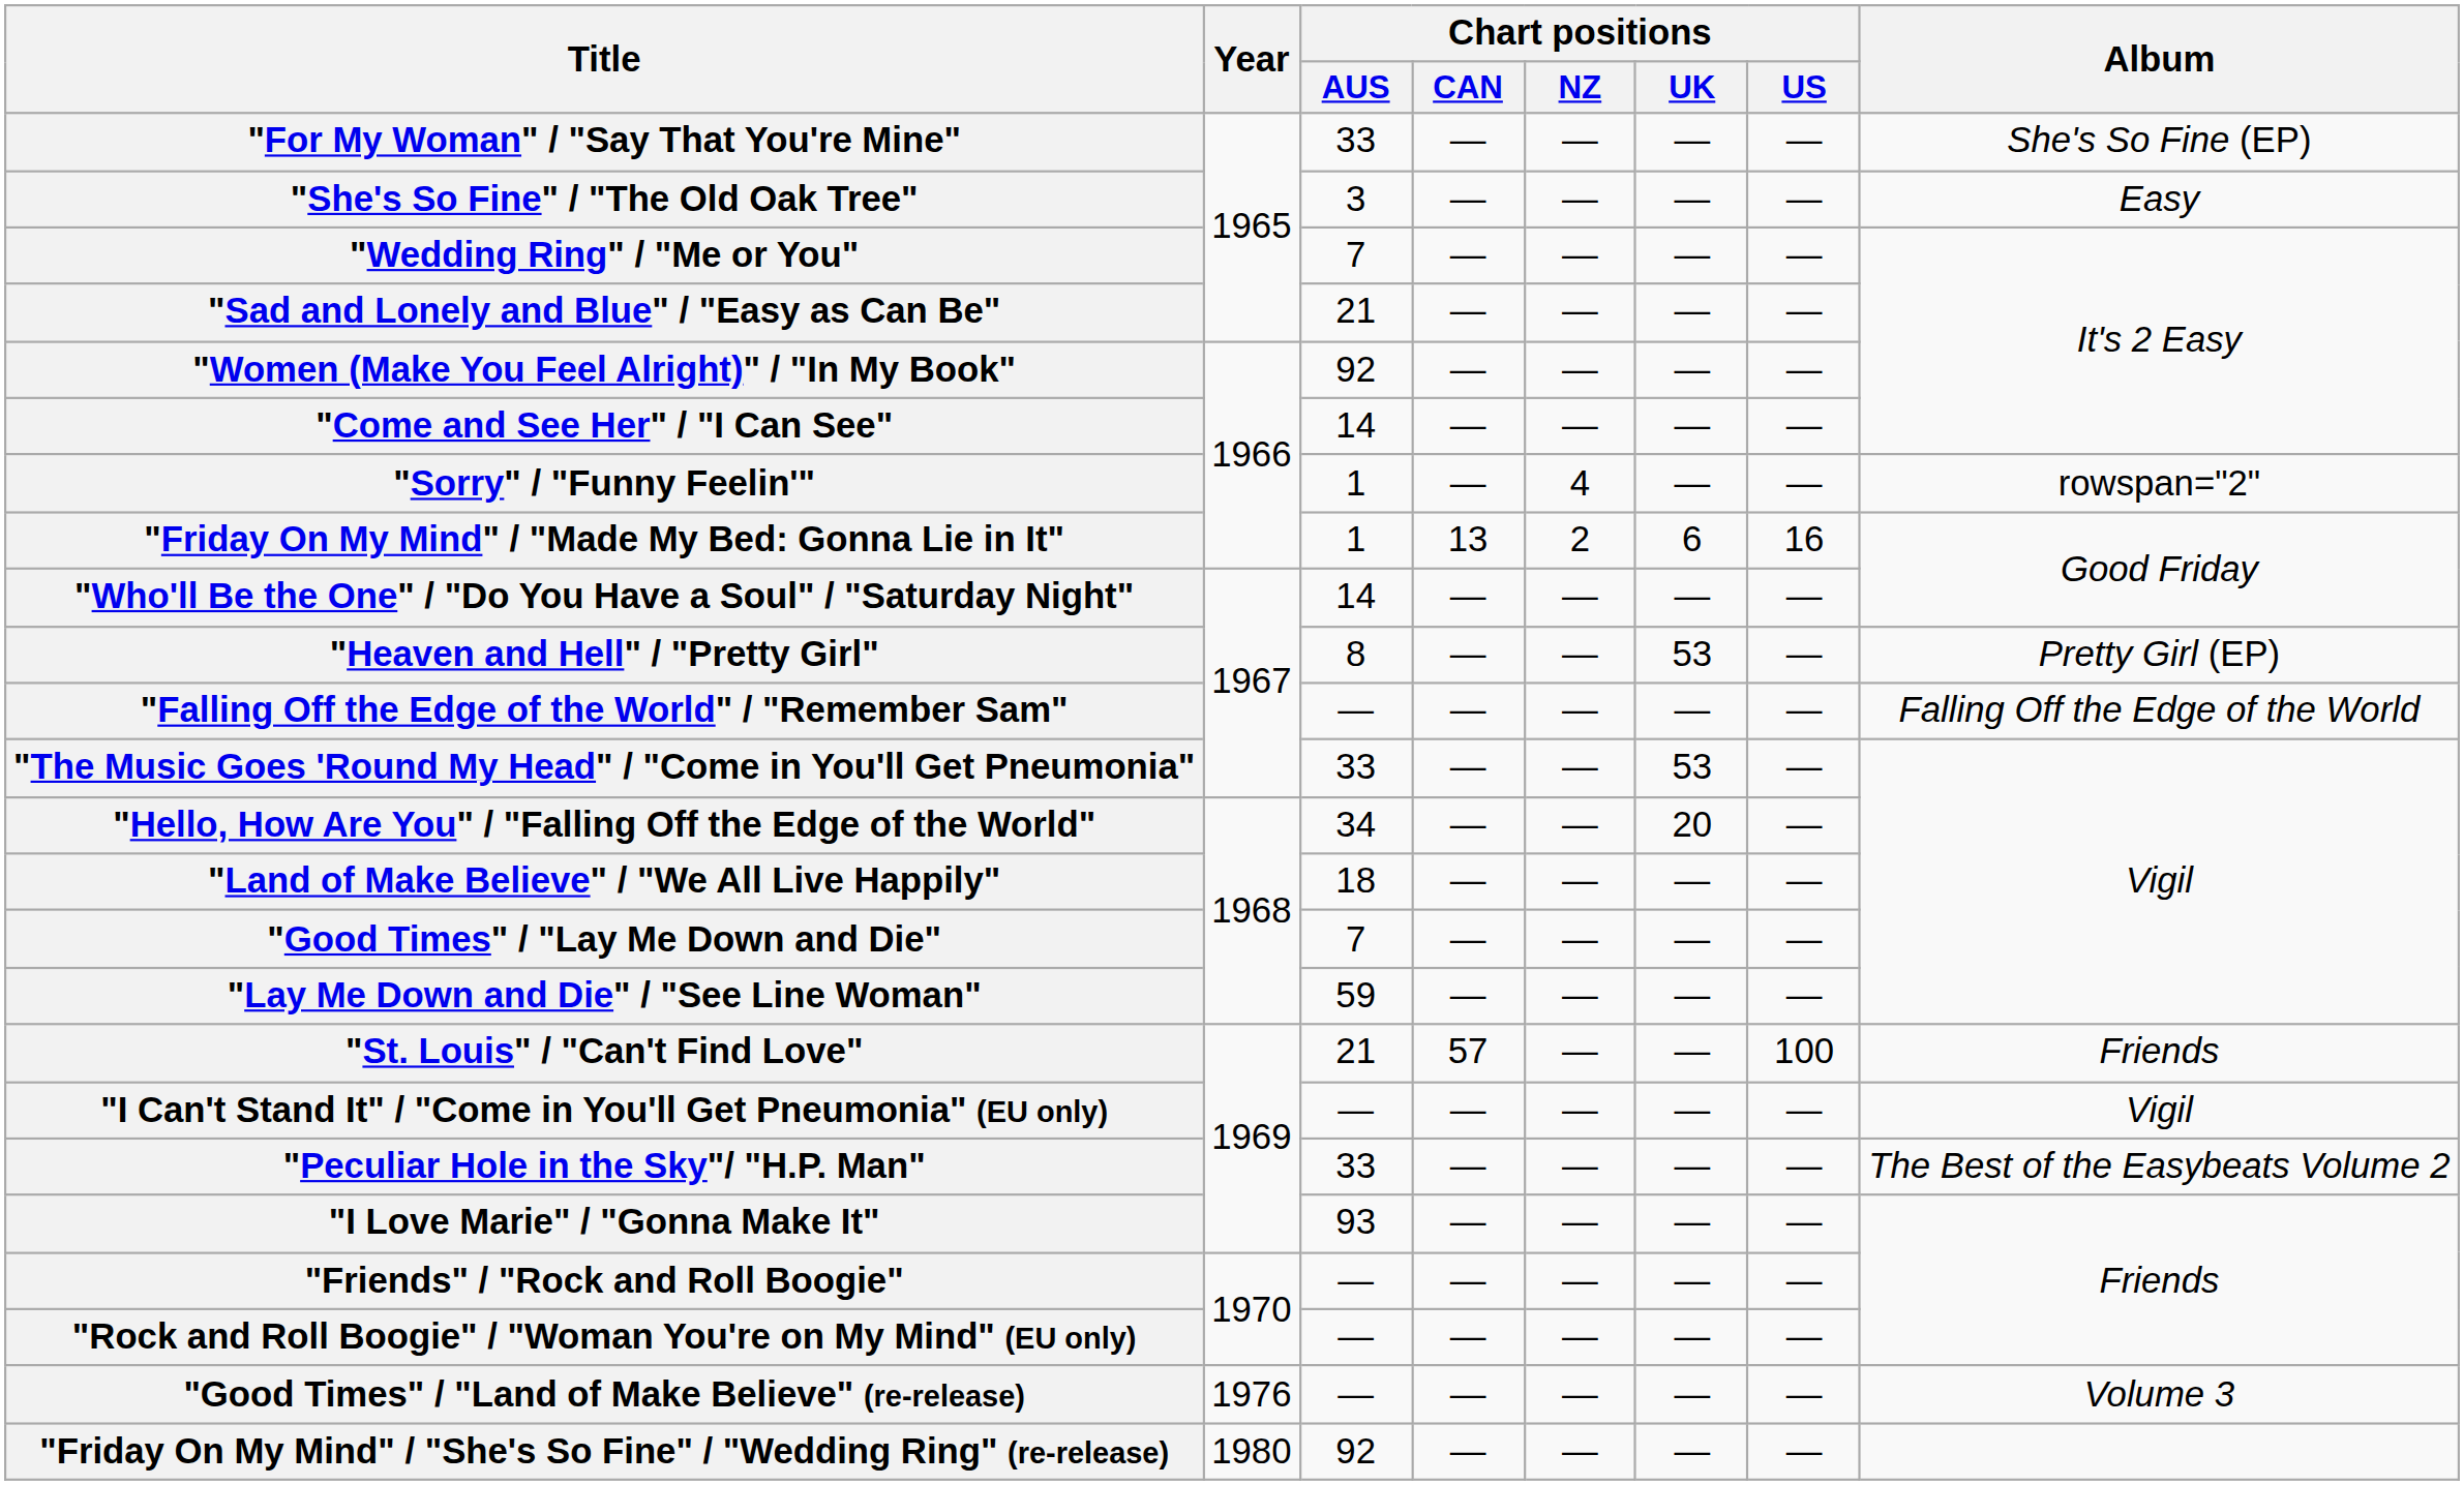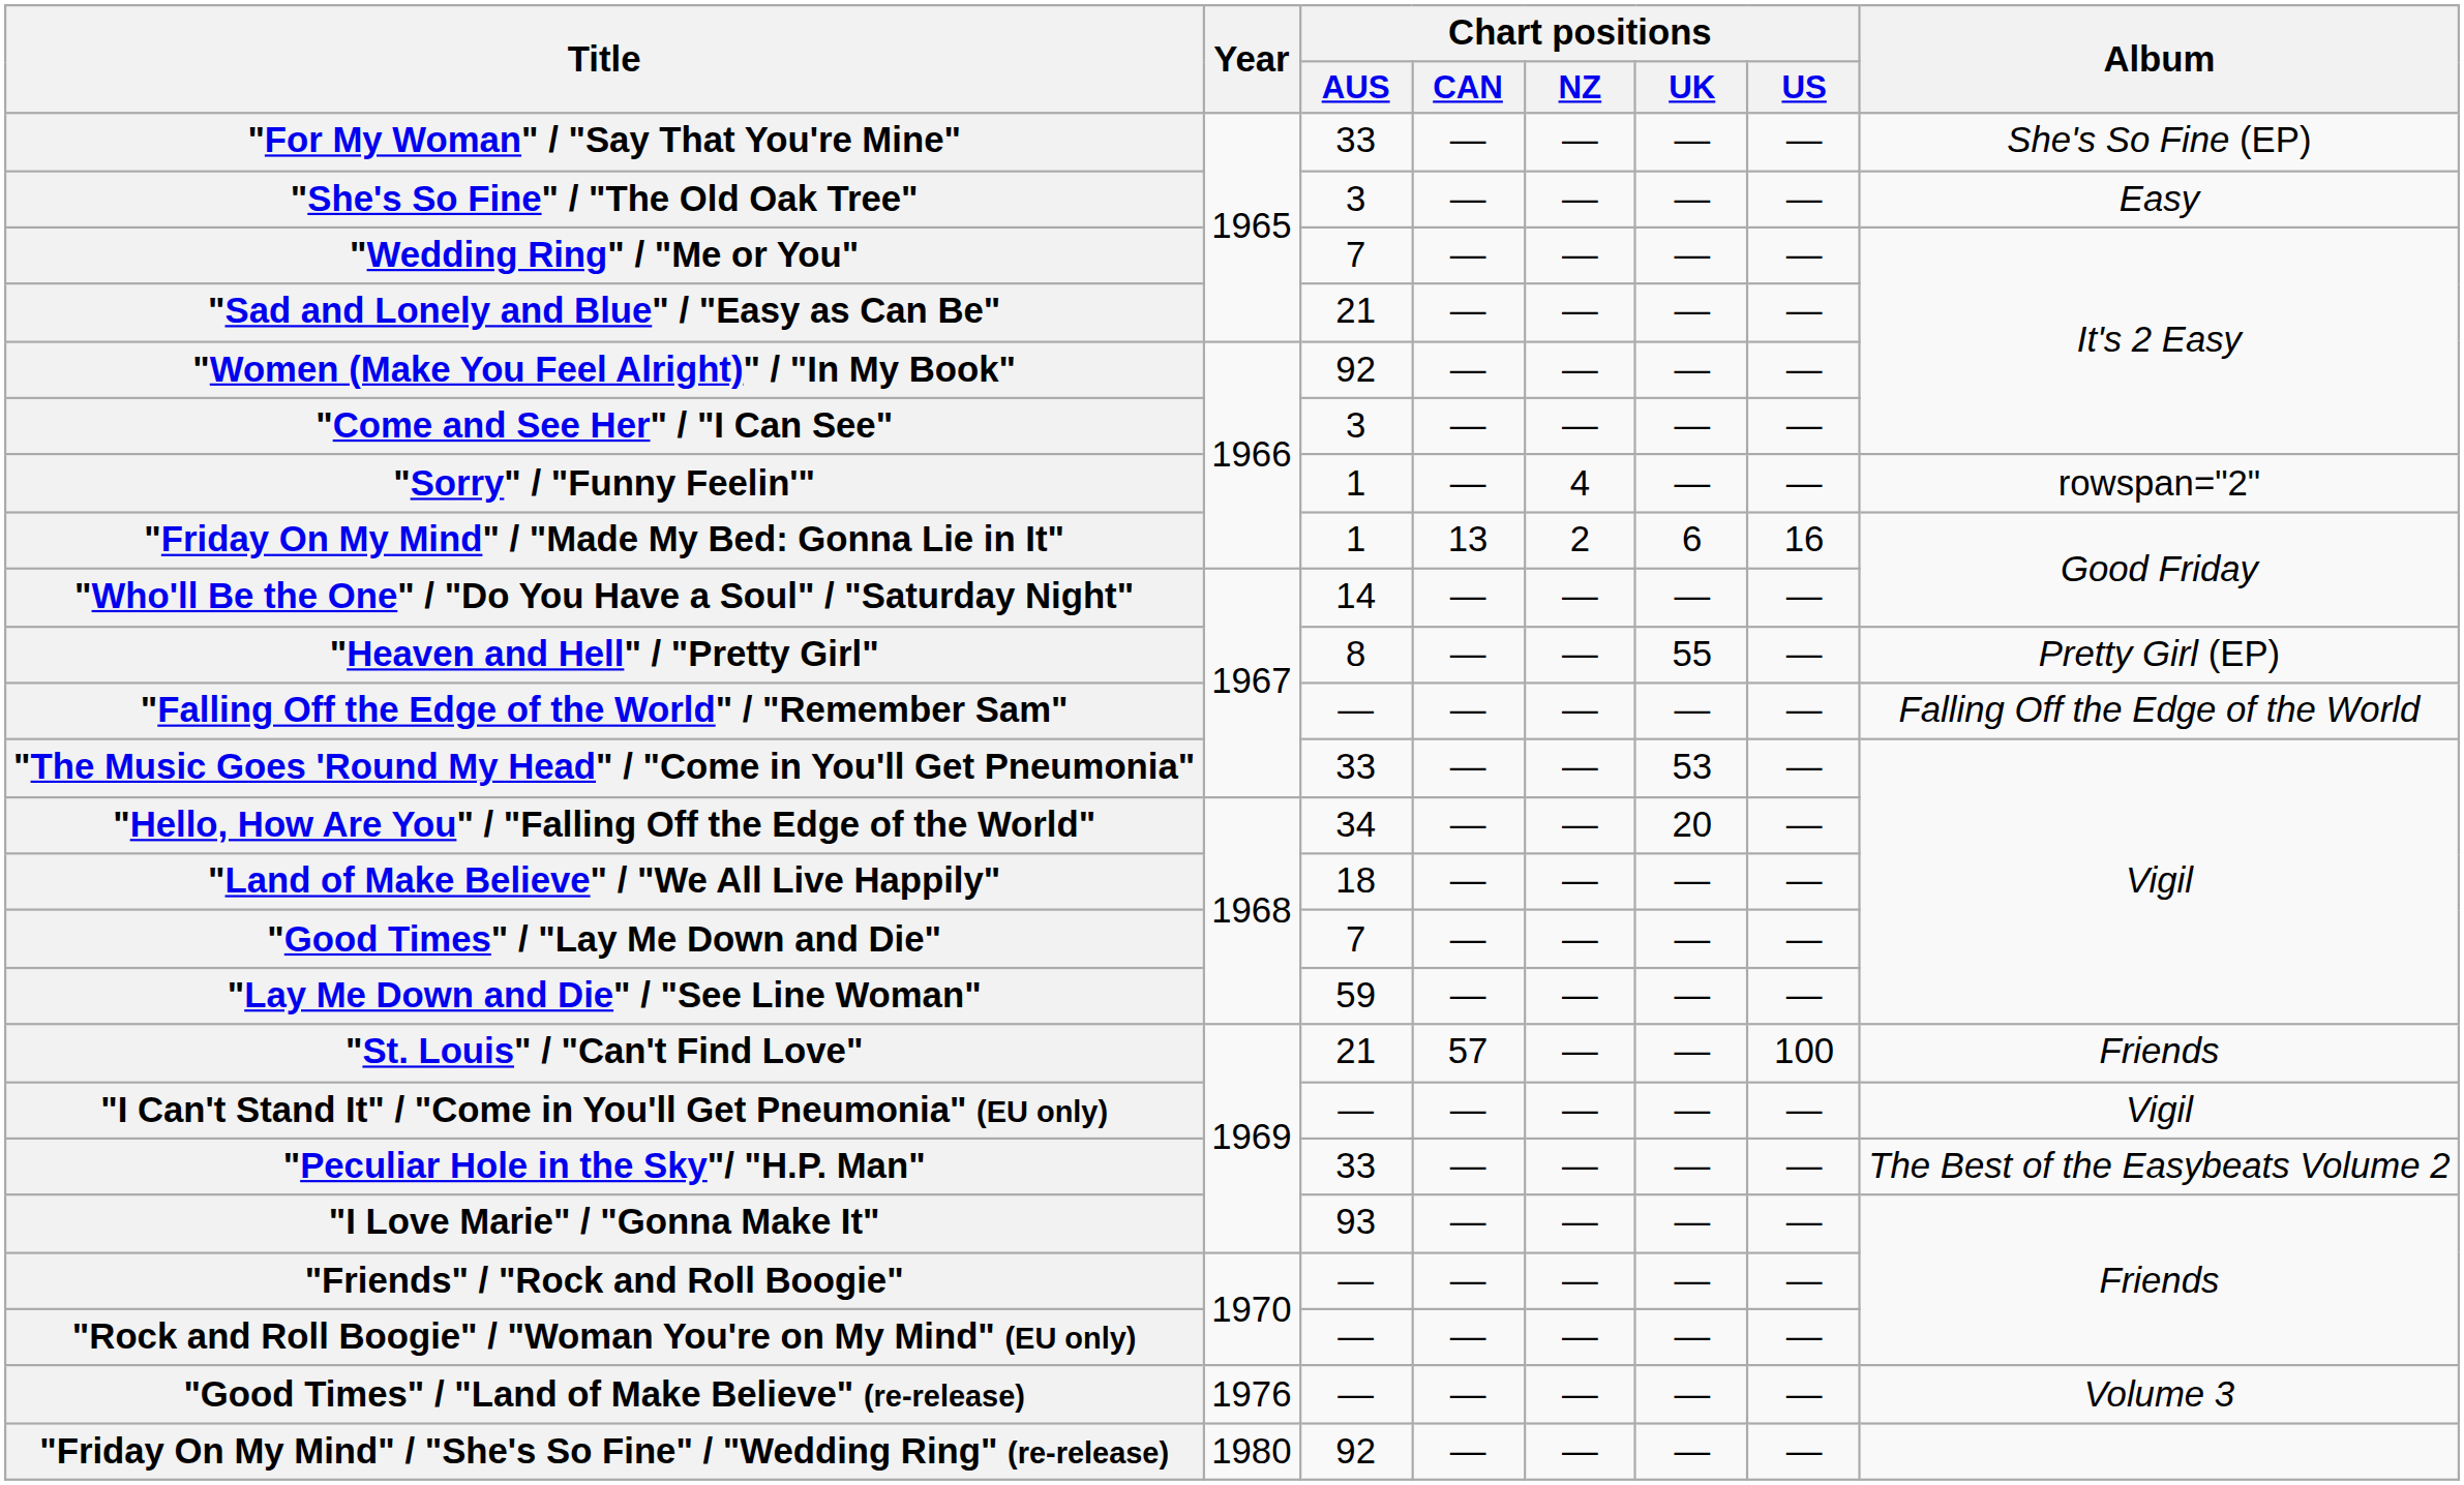 <table class="wikitable plainrowheaders" style="text-align:center">
 <tr>
 <th scope="col" rowspan="2">Title</th>
 <th scope="col" rowspan="2">Year</th>
 <th scope="col" colspan="5">Chart positions</th>
 <th scope="col" rowspan="2">Album</th>
 </tr>
 <tr>
 <th scope="col" style="width:3em;font-size:90%;"><a href='#'>AUS</a></th>
 <th scope="col" style="width:3em;font-size:90%;"><a href='#'>CAN</a><br></th>
 <th scope="col" style="width:3em;font-size:90%;"><a href='#'>NZ</a><br></th>
 <th scope="col" style="width:3em;font-size:90%;"><a href='#'>UK</a><br></th>
 <th scope="col" style="width:3em;font-size:90%;"><a href='#'>US</a><br></th>
 </tr>
 <tr>
 <th scope="row">"<a href='#'>For My Woman</a>" / "Say That You're Mine"</th>
 <td rowspan="4">1965</td>
 <td>33</td>
 <td>—</td>
 <td>—</td>
 <td>—</td>
 <td>—</td>
 <td><em>She's So Fine</em> (EP)</td>
 </tr>
 <tr>
 <th scope="row">"<a href='#'>She's So Fine</a>" / "The Old Oak Tree"</th>
 <td>3</td>
 <td>—</td>
 <td>—</td>
 <td>—</td>
 <td>—</td>
 <td><em>Easy</em></td>
 </tr>
 <tr>
 <th scope="row">"<a href='#'>Wedding Ring</a>" / "Me or You"</th>
 <td>7</td>
 <td>—</td>
 <td>—</td>
 <td>—</td>
 <td>—</td>
 <td rowspan="4"><em>It's 2 Easy</em></td>
 </tr>
 <tr>
 <th scope="row">"<a href='#'>Sad and Lonely and Blue</a>" / "Easy as Can Be"</th>
 <td>21</td>
 <td>—</td>
 <td>—</td>
 <td>—</td>
 <td>—</td>
 </tr>
 <tr>
 <th scope="row">"<a href='#'>Women (Make You Feel Alright)</a>" / "In My Book"</th>
 <td rowspan="4">1966</td>
 <td>92</td>
 <td>—</td>
 <td>—</td>
 <td>—</td>
 <td>—</td>
 </tr>
 <tr>
 <th scope="row">"<a href='#'>Come and See Her</a>" / "I Can See"</th>
-<td>14</td>
+<td>3</td>
 <td>—</td>
 <td>—</td>
 <td>—</td>
 <td>—</td>
 </tr>
 <tr>
 <th scope="row">"<a href='#'>Sorry</a>" / "Funny Feelin'"</th>
 <td>1</td>
 <td>—</td>
 <td>4</td>
 <td>—</td>
 <td>—</td>
 <td>rowspan="2" </td>
 </tr>
 <tr>
 <th scope="row">"<a href='#'>Friday On My Mind</a>" / "Made My Bed: Gonna Lie in It"</th>
 <td>1</td>
 <td>13</td>
 <td>2</td>
 <td>6</td>
 <td>16</td>
 <td rowspan="2"><em>Good Friday</em></td>
 </tr>
 <tr>
 <th scope="row">"<a href='#'>Who'll Be the One</a>" / "Do You Have a Soul" / "Saturday Night"</th>
 <td rowspan="4">1967</td>
 <td>14</td>
 <td>—</td>
 <td>—</td>
 <td>—</td>
 <td>—</td>
 </tr>
 <tr>
 <th scope="row">"<a href='#'>Heaven and Hell</a>" / "Pretty Girl"</th>
 <td>8</td>
 <td>—</td>
 <td>—</td>
-<td>53</td>
+<td>55</td>
 <td>—</td>
 <td><em>Pretty Girl</em> (EP)</td>
 </tr>
 <tr>
 <th scope="row">"<a href='#'>Falling Off the Edge of the World</a>" / "Remember Sam"</th>
 <td>—</td>
 <td>—</td>
 <td>—</td>
 <td>—</td>
 <td>—</td>
 <td><em>Falling Off the Edge of the World</em></td>
 </tr>
 <tr>
 <th scope="row">"<a href='#'>The Music Goes 'Round My Head</a>" / "Come in You'll Get Pneumonia"</th>
 <td>33</td>
 <td>—</td>
 <td>—</td>
 <td>53</td>
 <td>—</td>
 <td rowspan="5"><em>Vigil</em></td>
 </tr>
 <tr>
 <th scope="row">"<a href='#'>Hello, How Are You</a>" / "Falling Off the Edge of the World"</th>
 <td rowspan="4">1968</td>
 <td>34</td>
 <td>—</td>
 <td>—</td>
 <td>20</td>
 <td>—</td>
 </tr>
 <tr>
 <th scope="row">"<a href='#'>Land of Make Believe</a>" / "We All Live Happily"</th>
 <td>18</td>
 <td>—</td>
 <td>—</td>
 <td>—</td>
 <td>—</td>
 </tr>
 <tr>
 <th scope="row">"<a href='#'>Good Times</a>" / "Lay Me Down and Die"</th>
 <td>7</td>
 <td>—</td>
 <td>—</td>
 <td>—</td>
 <td>—</td>
 </tr>
 <tr>
 <th scope="row">"<a href='#'>Lay Me Down and Die</a>" / "See Line Woman"</th>
 <td>59</td>
 <td>—</td>
 <td>—</td>
 <td>—</td>
 <td>—</td>
 </tr>
 <tr>
 <th scope="row">"<a href='#'>St. Louis</a>" / "Can't Find Love"</th>
 <td rowspan="4">1969</td>
 <td>21</td>
 <td>57</td>
 <td>—</td>
 <td>—</td>
 <td>100</td>
 <td><em>Friends</em></td>
 </tr>
 <tr>
 <th scope="row">"I Can't Stand It" / "Come in You'll Get Pneumonia" <small> (EU only) </small></th>
 <td>—</td>
 <td>—</td>
 <td>—</td>
 <td>—</td>
 <td>—</td>
 <td><em>Vigil</em></td>
 </tr>
 <tr>
 <th scope="row">"<a href='#'>Peculiar Hole in the Sky</a>"/ "H.P. Man"</th>
 <td>33</td>
 <td>—</td>
 <td>—</td>
 <td>—</td>
 <td>—</td>
 <td><em>The Best of the Easybeats Volume 2</em></td>
 </tr>
 <tr>
 <th scope="row">"I Love Marie" / "Gonna Make It"</th>
 <td>93</td>
 <td>—</td>
 <td>—</td>
 <td>—</td>
 <td>—</td>
 <td rowspan="3"><em>Friends</em></td>
 </tr>
 <tr>
 <th scope="row">"Friends" / "Rock and Roll Boogie"</th>
 <td rowspan="2">1970</td>
 <td>—</td>
 <td>—</td>
 <td>—</td>
 <td>—</td>
 <td>—</td>
 </tr>
 <tr>
 <th scope="row">"Rock and Roll Boogie" / "Woman You're on My Mind" <small> (EU only) </small></th>
 <td>—</td>
 <td>—</td>
 <td>—</td>
 <td>—</td>
 <td>—</td>
 </tr>
 <tr>
 <th scope="row">"Good Times" / "Land of Make Believe" <small> (re-release) </small></th>
 <td>1976</td>
 <td>—</td>
 <td>—</td>
 <td>—</td>
 <td>—</td>
 <td>—</td>
 <td><em>Volume 3</em></td>
 </tr>
 <tr>
 <th scope="row">"Friday On My Mind" / "She's So Fine" / "Wedding Ring" <small> (re-release) </small></th>
 <td>1980</td>
 <td>92</td>
 <td>—</td>
 <td>—</td>
 <td>—</td>
 <td>—</td>
 </tr>
 </table>
